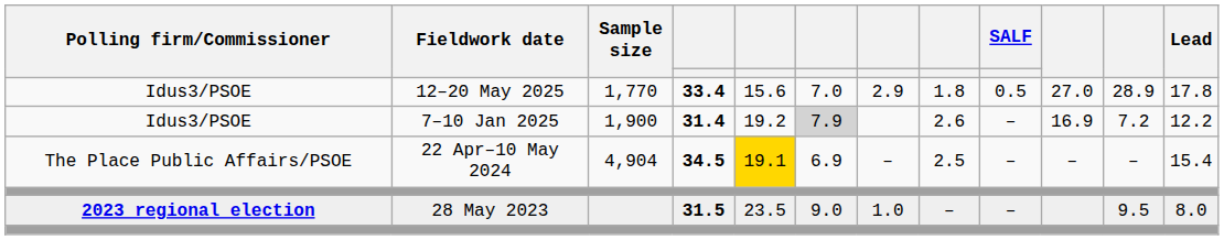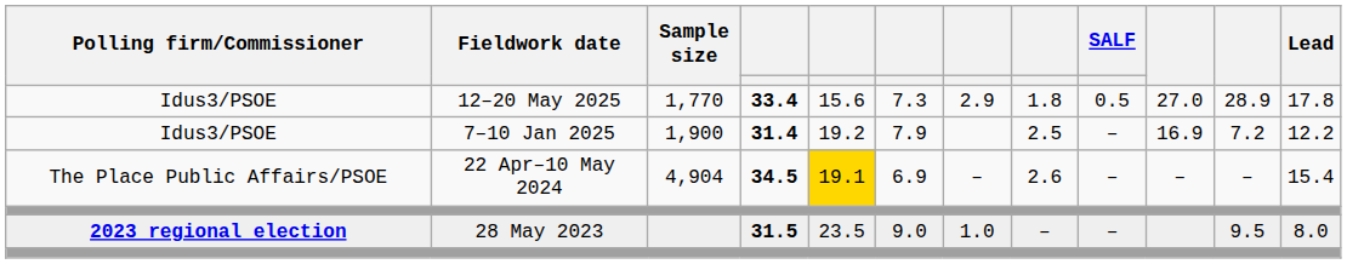 <table class="wikitable collapsible collapsed" style="text-align:center; font-size:90%; line-height:14px;">
 <tr style="height:42px;">
 <th style="width:250px;" rowspan="2">Polling firm/Commissioner</th>
 <th style="width:125px;" rowspan="2">Fieldwork date</th>
 <th style="width:50px;" rowspan="2">Sample size</th>
 <th style="width:35px;"></th>
 <th style="width:35px;"></th>
 <th style="width:35px;"></th>
 <th style="width:35px;"><br></th>
 <th style="width:35px;"></th>
 <th style="width:35px;"><a href='#'>SALF</a></th>
 <th style="width:35px;" rowspan="2"></th>
 <th style="width:35px;" rowspan="2"></th>
 <th style="width:30px;" rowspan="2">Lead</th>
 </tr>
 <tr>
 <th style="color:inherit;background:"></th>
 <th style="color:inherit;background:"></th>
 <th style="color:inherit;background:"></th>
 <th style="color:inherit;background:"></th>
 <th style="color:inherit;background:"></th>
 <th style="color:inherit;background:"></th>
 </tr>
 <tr>
 <td>Idus3/PSOE</td>
 <td>12–20 May 2025</td>
 <td>1,770</td>
 <td><strong>33.4</strong></td>
 <td>15.6</td>
-<td>7.0</td>
+<td>7.3</td>
 <td>2.9</td>
 <td>1.8</td>
 <td>0.5</td>
 <td>27.0</td>
 <td>28.9</td>
 <td style="background:">17.8</td>
 </tr>
 <tr>
 <td>Idus3/PSOE</td>
 <td>7–10 Jan 2025</td>
 <td>1,900</td>
 <td><strong>31.4</strong></td>
 <td>19.2</td>
-<td style="background: lightgrey;">7.9</td>
+<td>7.9</td>
 <td></td>
-<td>2.6</td>
+<td>2.5</td>
 <td>–</td>
 <td>16.9</td>
 <td>7.2</td>
 <td style="background:">12.2</td>
 </tr>
 <tr>
 <td>The Place Public Affairs/PSOE</td>
 <td>22 Apr–10 May 2024</td>
 <td>4,904</td>
 <td><strong>34.5</strong></td>
 <td style="background: gold;">19.1</td>
 <td>6.9</td>
 <td>–</td>
-<td>2.5</td>
+<td>2.6</td>
 <td>–</td>
 <td>–</td>
 <td>–</td>
 <td style="background:">15.4</td>
 </tr>
 <tr>
 <td colspan="12" style="background:#A0A0A0"></td>
 </tr>
 <tr style="background:#EFEFEF;">
 <td><strong><a href='#'>2023 regional election</a></strong></td>
 <td>28 May 2023</td>
 <td></td>
 <td><strong>31.5</strong></td>
 <td>23.5</td>
 <td>9.0</td>
 <td>1.0</td>
 <td>–</td>
 <td>–</td>
 <td></td>
 <td>9.5</td>
 <td style="background:">8.0</td>
 </tr>
 <tr>
 <td colspan="12" style="background:#A0A0A0"></td>
 </tr>
 </table>
